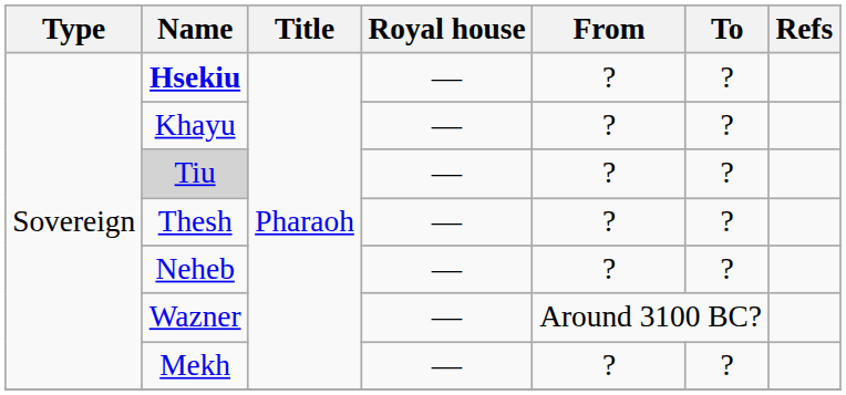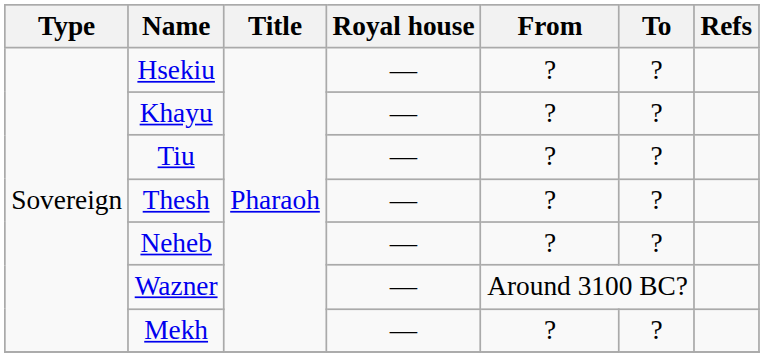 <table style="text-align:center;" class="wikitable">
 <tr>
 <th>Type</th>
 <th>Name</th>
 <th>Title</th>
 <th>Royal house</th>
 <th>From</th>
 <th>To</th>
 <th>Refs</th>
 </tr>
 <tr>
 <td rowspan="7">Sovereign</td>
-<td><strong><a href='#'>Hsekiu</a></strong></td>
+<td><a href='#'>Hsekiu</a></td>
 <td rowspan="7"><a href='#'>Pharaoh</a></td>
 <td>—</td>
 <td>?</td>
 <td>?</td>
 <td></td>
 </tr>
 <tr>
 <td><a href='#'>Khayu</a></td>
 <td>—</td>
 <td>?</td>
 <td>?</td>
 <td></td>
 </tr>
 <tr>
-<td style="background: lightgrey;"><a href='#'>Tiu</a></td>
+<td><a href='#'>Tiu</a></td>
 <td>—</td>
 <td>?</td>
 <td>?</td>
 <td></td>
 </tr>
 <tr>
 <td><a href='#'>Thesh</a></td>
 <td>—</td>
 <td>?</td>
 <td>?</td>
 <td></td>
 </tr>
 <tr>
 <td><a href='#'>Neheb</a></td>
 <td>—</td>
 <td>?</td>
 <td>?</td>
 <td></td>
 </tr>
 <tr>
 <td><a href='#'>Wazner</a></td>
 <td>—</td>
 <td colspan="2">Around 3100 BC?</td>
 <td></td>
 </tr>
 <tr>
 <td><a href='#'>Mekh</a></td>
 <td>—</td>
 <td>?</td>
 <td>?</td>
 <td></td>
 </tr>
 <tr>
 </tr>
 </table>
